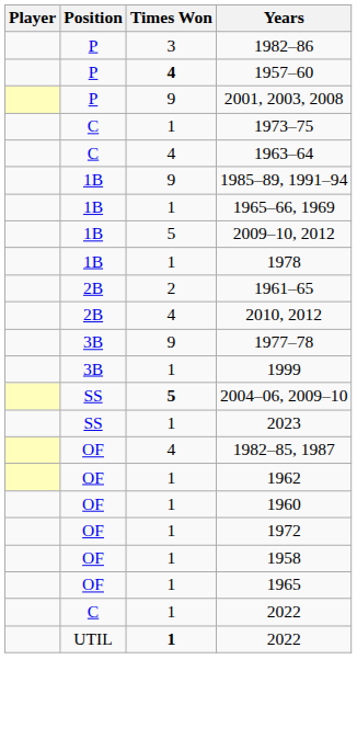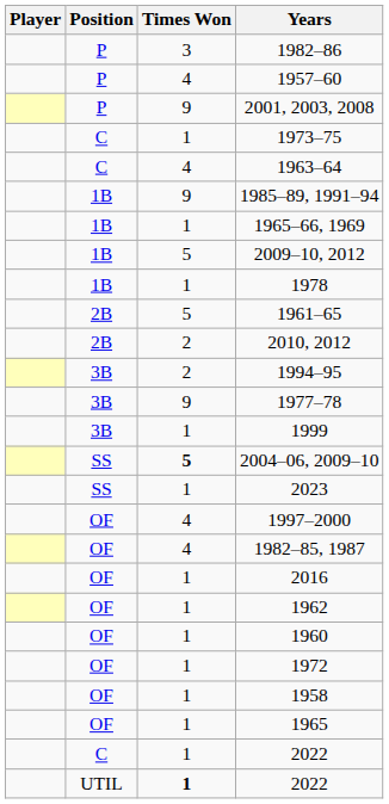 <table class="wikitable sortable" style="text-align:center;">
 <tr>
 <th scope="col">Player</th>
 <th scope="col">Position</th>
 <th scope="col">Times Won</th>
 <th scope="col">Years</th>
 </tr>
 <tr>
 <td scope="row"></td>
 <td><a href='#'>P</a></td>
 <td style="text-align:center;">3</td>
 <td>1982–86</td>
 </tr>
 <tr>
 <td scope="row"></td>
 <td><a href='#'>P</a></td>
-<td style="text-align:center;"><strong>4</strong></td>
+<td style="text-align:center;">4</td>
 <td>1957–60</td>
 </tr>
 <tr>
 <td scope="row" bgcolor="#FFFFBB"></td>
 <td><a href='#'>P</a></td>
 <td style="text-align:center;">9</td>
 <td>2001, 2003, 2008</td>
 </tr>
 <tr>
 <td scope="row"></td>
 <td><a href='#'>C</a></td>
 <td style="text-align:center;">1</td>
 <td>1973–75</td>
 </tr>
 <tr>
 <td scope="row"></td>
 <td><a href='#'>C</a></td>
 <td style="text-align:center;">4</td>
 <td>1963–64</td>
 </tr>
 <tr>
 <td scope="row"></td>
 <td><a href='#'>1B</a></td>
 <td style="text-align:center;">9</td>
 <td>1985–89, 1991–94</td>
 </tr>
 <tr>
 <td scope="row"></td>
 <td><a href='#'>1B</a></td>
 <td style="text-align:center;">1</td>
 <td>1965–66, 1969</td>
 </tr>
 <tr>
 <td scope="row"></td>
 <td><a href='#'>1B</a></td>
 <td style="text-align:center;">5</td>
 <td>2009–10, 2012</td>
 </tr>
 <tr>
 <td scope="row"></td>
 <td><a href='#'>1B</a></td>
 <td style="text-align:center;">1</td>
 <td>1978</td>
 </tr>
 <tr>
 <td scope="row"></td>
 <td><a href='#'>2B</a></td>
-<td style="text-align:center;">2</td>
+<td style="text-align:center;">5</td>
 <td>1961–65</td>
 </tr>
 <tr>
 <td scope="row"></td>
 <td><a href='#'>2B</a></td>
-<td style="text-align:center;">4</td>
+<td style="text-align:center;">2</td>
 <td>2010, 2012</td>
+</tr>
+<tr>
+<td scope="row" bgcolor="#FFFFBB"></td>
+<td><a href='#'>3B</a></td>
+<td style="text-align:center;">2</td>
+<td>1994–95</td>
 </tr>
 <tr>
 <td scope="row"></td>
 <td><a href='#'>3B</a></td>
 <td style="text-align:center;">9</td>
 <td>1977–78</td>
 </tr>
 <tr>
 <td scope="row"></td>
 <td><a href='#'>3B</a></td>
 <td style="text-align:center;">1</td>
 <td>1999</td>
 </tr>
 <tr>
 <td scope="row" bgcolor="#FFFFBB"></td>
 <td><a href='#'>SS</a></td>
 <td style="text-align:center;"><strong>5</strong></td>
 <td>2004–06, 2009–10</td>
 </tr>
 <tr>
 <td scope="row"></td>
 <td><a href='#'>SS</a></td>
 <td style="text-align:center;">1</td>
 <td>2023</td>
 </tr>
 <tr>
+<td scope="row"></td>
+<td><a href='#'>OF</a></td>
+<td style="text-align:center;">4</td>
+<td>1997–2000</td>
+</tr>
+<tr>
 <td scope="row" bgcolor="#FFFFBB"></td>
 <td><a href='#'>OF</a></td>
 <td style="text-align:center;">4</td>
 <td>1982–85, 1987</td>
+</tr>
+<tr>
+<td scope="row"></td>
+<td><a href='#'>OF</a></td>
+<td style="text-align:center;">1</td>
+<td>2016</td>
 </tr>
 <tr>
 <td scope="row" bgcolor="#FFFFBB"></td>
 <td><a href='#'>OF</a></td>
 <td style="text-align:center;">1</td>
 <td>1962</td>
 </tr>
 <tr>
 <td scope="row"></td>
 <td><a href='#'>OF</a></td>
 <td style="text-align:center;">1</td>
 <td>1960</td>
 </tr>
 <tr>
 <td scope="row"></td>
 <td><a href='#'>OF</a></td>
 <td style="text-align:center;">1</td>
 <td>1972</td>
 </tr>
 <tr>
 <td scope="row"></td>
 <td><a href='#'>OF</a></td>
 <td style="text-align:center;">1</td>
 <td>1958</td>
 </tr>
 <tr>
 <td scope="row"></td>
 <td><a href='#'>OF</a></td>
 <td style="text-align:center;">1</td>
 <td>1965</td>
 </tr>
 <tr>
 <td scope="row"></td>
 <td><a href='#'>C</a></td>
 <td style="text-align:center;">1</td>
 <td>2022</td>
 </tr>
 <tr>
 <td scope="row"></td>
 <td>UTIL</td>
 <td style="text-align:center;"><strong>1</strong></td>
 <td>2022</td>
 </tr>
 </table>
